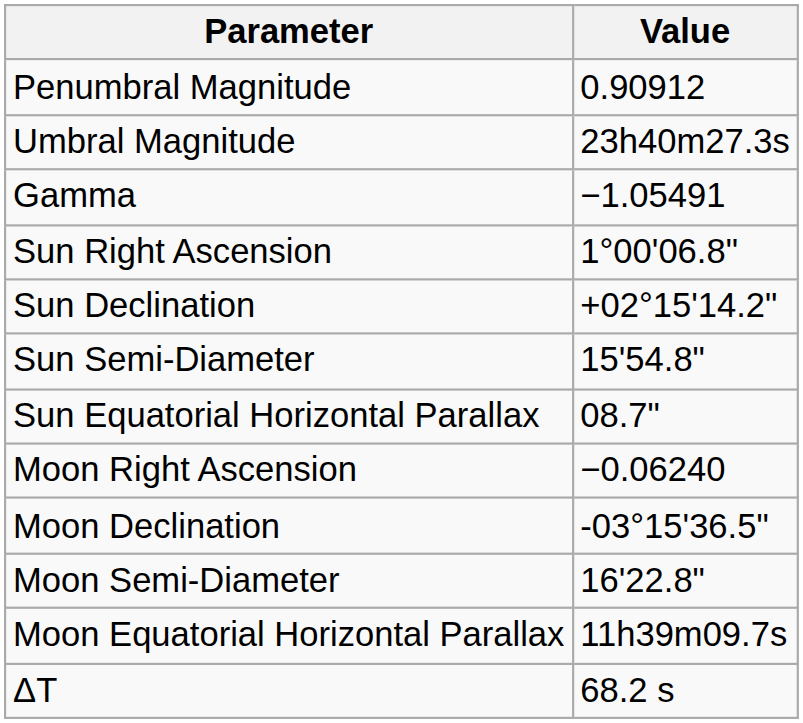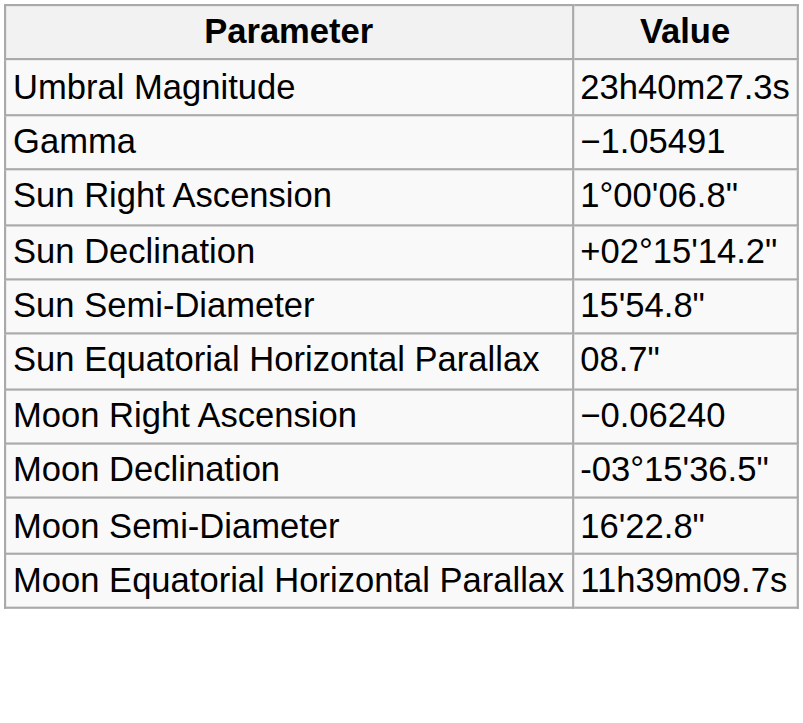 <table class="wikitable">
 <tr>
 <th>Parameter</th>
 <th>Value</th>
-</tr>
-<tr>
-<td>Penumbral Magnitude</td>
-<td>0.90912</td>
 </tr>
 <tr>
 <td>Umbral Magnitude</td>
 <td>23h40m27.3s</td>
 </tr>
 <tr>
 <td>Gamma</td>
 <td>−1.05491</td>
 </tr>
 <tr>
 <td>Sun Right Ascension</td>
 <td>1°00'06.8"</td>
 </tr>
 <tr>
 <td>Sun Declination</td>
 <td>+02°15'14.2"</td>
 </tr>
 <tr>
 <td>Sun Semi-Diameter</td>
 <td>15'54.8"</td>
 </tr>
 <tr>
 <td>Sun Equatorial Horizontal Parallax</td>
 <td>08.7"</td>
 </tr>
 <tr>
 <td>Moon Right Ascension</td>
 <td>−0.06240</td>
 </tr>
 <tr>
 <td>Moon Declination</td>
 <td>-03°15'36.5"</td>
 </tr>
 <tr>
 <td>Moon Semi-Diameter</td>
 <td>16'22.8"</td>
 </tr>
 <tr>
 <td>Moon Equatorial Horizontal Parallax</td>
 <td>11h39m09.7s</td>
 </tr>
-<tr>
-<td>ΔT</td>
-<td>68.2 s</td>
-</tr>
 </table>
